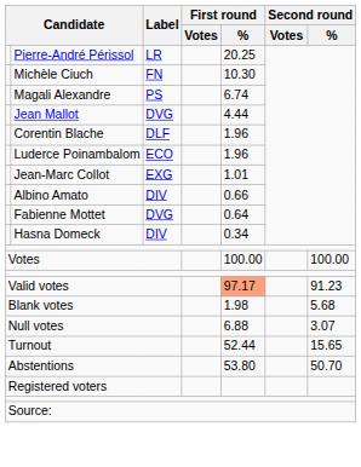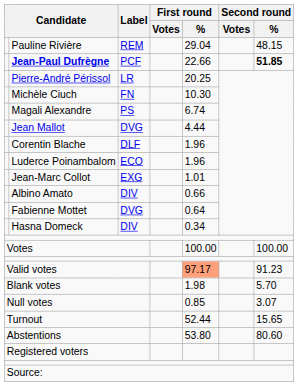 <table class="wikitable">
 <tr>
 <th colspan="2" rowspan="2">Candidate</th>
 <th rowspan="2">Label</th>
 <th colspan="2">First round</th>
 <th colspan="2">Second round</th>
 </tr>
 <tr>
 <th>Votes</th>
 <th>%</th>
 <th>Votes</th>
 <th>%</th>
+</tr>
+<tr>
+<td style="color:inherit;background:"></td>
+<td>Pauline Rivière</td>
+<td><a href='#'>REM</a></td>
+<td></td>
+<td>29.04</td>
+<td></td>
+<td>48.15</td>
+</tr>
+<tr>
+<td style="color:inherit;background:"></td>
+<td><strong><a href='#'>Jean-Paul Dufrègne</a></strong></td>
+<td><a href='#'>PCF</a></td>
+<td></td>
+<td>22.66</td>
+<td><strong></strong></td>
+<td><strong>51.85</strong></td>
 </tr>
 <tr>
 <td style="color:inherit;background:"></td>
 <td><a href='#'>Pierre-André Périssol</a></td>
 <td><a href='#'>LR</a></td>
 <td></td>
 <td>20.25</td>
 <td colspan="2" rowspan="10"></td>
 </tr>
 <tr>
 <td style="color:inherit;background:"></td>
 <td>Michèle Ciuch</td>
 <td><a href='#'>FN</a></td>
 <td></td>
 <td>10.30</td>
 </tr>
 <tr>
 <td style="color:inherit;background:"></td>
 <td>Magali Alexandre</td>
 <td><a href='#'>PS</a></td>
 <td></td>
 <td>6.74</td>
 </tr>
 <tr>
 <td style="color:inherit;background:"></td>
 <td><a href='#'>Jean Mallot</a></td>
 <td><a href='#'>DVG</a></td>
 <td></td>
 <td>4.44</td>
 </tr>
 <tr>
 <td style="color:inherit;background:"></td>
 <td>Corentin Blache</td>
 <td><a href='#'>DLF</a></td>
 <td></td>
 <td>1.96</td>
 </tr>
 <tr>
 <td style="color:inherit;background:"></td>
 <td>Luderce Poinambalom</td>
 <td><a href='#'>ECO</a></td>
 <td></td>
 <td>1.96</td>
 </tr>
 <tr>
 <td style="color:inherit;background:"></td>
 <td>Jean-Marc Collot</td>
 <td><a href='#'>EXG</a></td>
 <td></td>
 <td>1.01</td>
 </tr>
 <tr>
 <td style="color:inherit;background:"></td>
 <td>Albino Amato</td>
 <td><a href='#'>DIV</a></td>
 <td></td>
 <td>0.66</td>
 </tr>
 <tr>
 <td style="color:inherit;background:"></td>
 <td>Fabienne Mottet</td>
 <td><a href='#'>DVG</a></td>
 <td></td>
 <td>0.64</td>
 </tr>
 <tr>
 <td style="color:inherit;background:"></td>
 <td>Hasna Domeck</td>
 <td><a href='#'>DIV</a></td>
 <td></td>
 <td>0.34</td>
 </tr>
 <tr>
 <td colspan="7"></td>
 </tr>
 <tr>
 <td colspan="3">Votes</td>
 <td></td>
 <td>100.00</td>
 <td></td>
 <td>100.00</td>
 </tr>
 <tr>
 <td colspan="7"></td>
 </tr>
 <tr>
 <td colspan="3">Valid votes</td>
 <td></td>
 <td style="background: lightsalmon;">97.17</td>
 <td></td>
 <td>91.23</td>
 </tr>
 <tr>
 <td colspan="3">Blank votes</td>
 <td></td>
 <td>1.98</td>
 <td></td>
-<td>5.68</td>
+<td>5.70</td>
 </tr>
 <tr>
 <td colspan="3">Null votes</td>
 <td></td>
-<td>6.88</td>
+<td>0.85</td>
 <td></td>
 <td>3.07</td>
 </tr>
 <tr>
 <td colspan="3">Turnout</td>
 <td></td>
 <td>52.44</td>
 <td></td>
 <td>15.65</td>
 </tr>
 <tr>
 <td colspan="3">Abstentions</td>
 <td></td>
 <td>53.80</td>
 <td></td>
-<td>50.70</td>
+<td>80.60</td>
 </tr>
 <tr>
 <td colspan="3">Registered voters</td>
 <td></td>
 <td></td>
 <td></td>
 <td></td>
 </tr>
 <tr>
 <td colspan="7"></td>
 </tr>
 <tr>
 <td colspan="7">Source: </td>
 </tr>
 </table>
